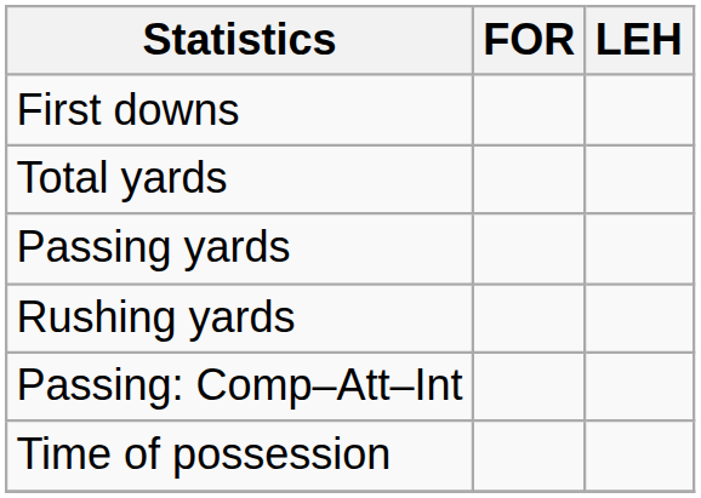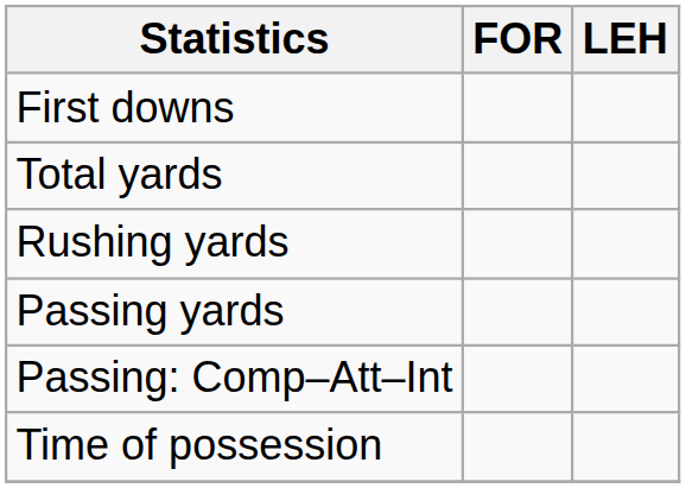 <table class="wikitable" style="float: left;">
 <tr>
 <th>Statistics</th>
 <th>FOR</th>
 <th>LEH</th>
 </tr>
 <tr>
 <td>First downs</td>
 <td></td>
 <td></td>
 </tr>
 <tr>
 <td>Total yards</td>
 <td></td>
 <td></td>
 </tr>
 <tr>
-<td>Passing yards</td>
+<td>Rushing yards</td>
 <td></td>
 <td></td>
 </tr>
 <tr>
-<td>Rushing yards</td>
+<td>Passing yards</td>
 <td></td>
 <td></td>
 </tr>
 <tr>
 <td>Passing: Comp–Att–Int</td>
 <td></td>
 <td></td>
 </tr>
 <tr>
 <td>Time of possession</td>
 <td></td>
 <td></td>
 </tr>
 <tr>
 </tr>
 </table>
